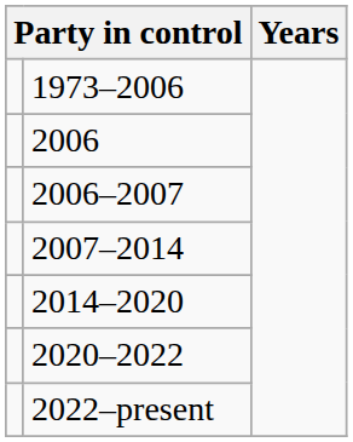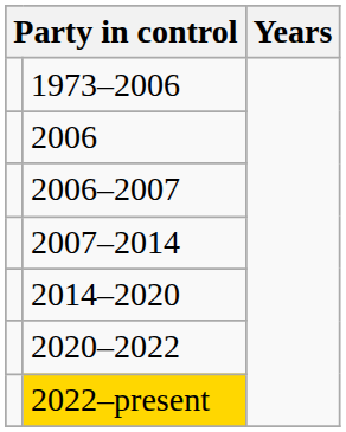 <table class="wikitable">
 <tr>
 <th colspan=2>Party in control</th>
 <th>Years</th>
 </tr>
 <tr>
 <td></td>
 <td>1973–2006</td>
 </tr>
 <tr>
 <td></td>
 <td>2006</td>
 </tr>
 <tr>
 <td></td>
 <td>2006–2007</td>
 </tr>
 <tr>
 <td></td>
 <td>2007–2014</td>
 </tr>
 <tr>
 <td></td>
 <td>2014–2020</td>
 </tr>
 <tr>
 <td></td>
 <td>2020–2022</td>
 </tr>
 <tr>
 <td></td>
-<td>2022–present</td>
+<td style="background: gold;">2022–present</td>
 </tr>
 </table>
